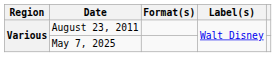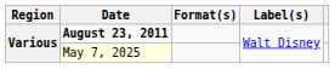 <table class="wikitable plainrowheaders">
 <tr>
 <th scope="col">Region</th>
 <th scope="col">Date</th>
 <th scope="col">Format(s)</th>
 <th scope="col">Label(s)</th>
 <th scope="col"></th>
 </tr>
 <tr>
 <th rowspan="2" scope="row">Various</th>
-<td>August 23, 2011</td>
+<td><strong>August 23, 2011</strong></td>
 <td></td>
 <td rowspan="2"><a href='#'>Walt Disney</a></td>
 <td style="text-align:center;"></td>
 </tr>
 <tr>
-<td>May 7, 2025</td>
+<td style="background: lightyellow;">May 7, 2025</td>
 <td></td>
 <td style="text-align:center;"></td>
 </tr>
 </table>
